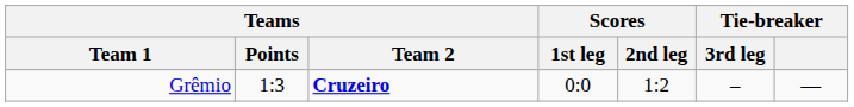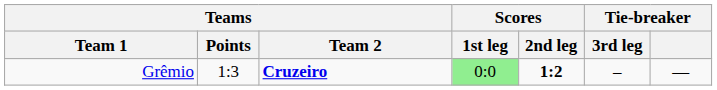 <table class="wikitable" style="text-align:center;">
 <tr>
 <th colspan=3>Teams</th>
 <th colspan=2>Scores</th>
 <th colspan=2>Tie-breaker</th>
 </tr>
 <tr>
 <th width="175">Team 1</th>
 <th width="50">Points</th>
 <th width="175">Team 2</th>
 <th width="55">1st leg</th>
 <th width="55">2nd leg</th>
 <th width="55">3rd leg</th>
 <th width="50"></th>
 </tr>
 <tr>
 <td align=right><a href='#'>Grêmio</a> </td>
 <td>1:3</td>
 <td align=left> <strong><a href='#'>Cruzeiro</a></strong></td>
-<td>0:0</td>
-<td>1:2</td>
+<td style="background: lightgreen;">0:0</td>
+<td><strong>1:2</strong></td>
 <td>–</td>
 <td>—</td>
 </tr>
 </table>
